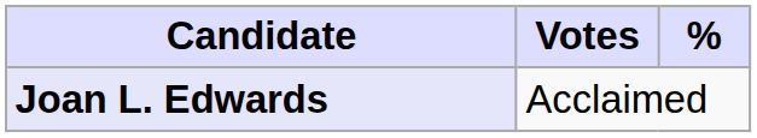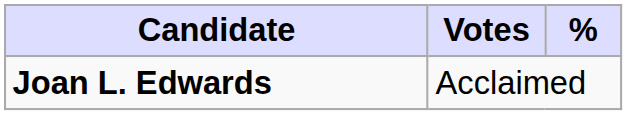 <table class="wikitable">
 <tr>
 <th style="background:#ddf; width:200px;">Candidate</th>
 <th style="background:#ddf; width:50px;">Votes</th>
 <th style="background:#ddf; width:30px;">%</th>
 </tr>
 <tr>
-<td style="background: lavender;"><strong>Joan L. Edwards</strong></td>
+<td><strong>Joan L. Edwards</strong></td>
 <td colspan="2">Acclaimed</td>
 </tr>
 </table>
